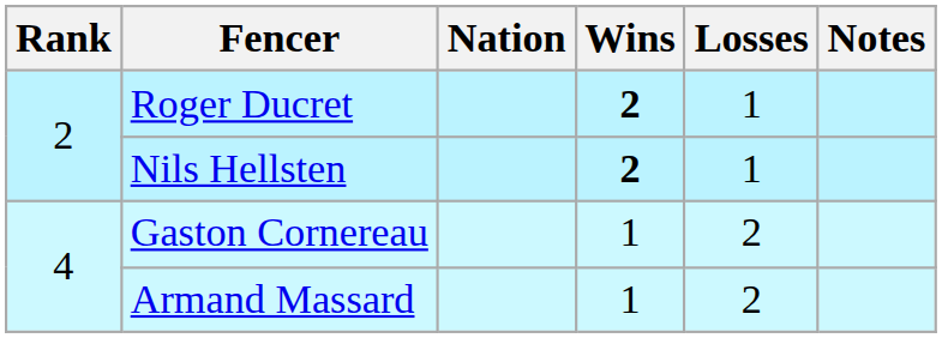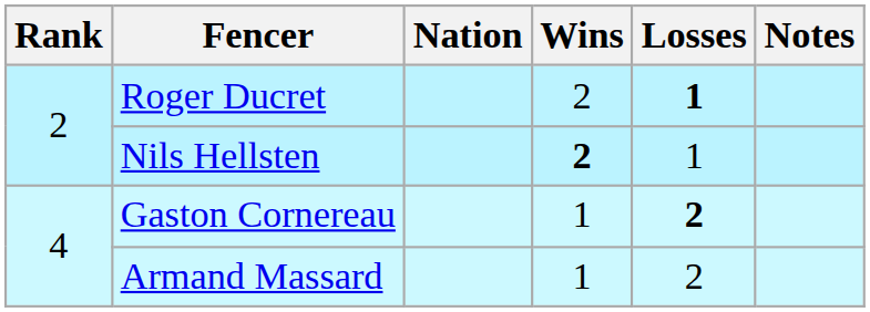 <table class="wikitable sortable" style="text-align: center;">
 <tr>
 <th>Rank</th>
 <th>Fencer</th>
 <th>Nation</th>
 <th>Wins</th>
 <th>Losses</th>
 <th>Notes</th>
 </tr>
 <tr bgcolor=bbf3ff>
 <td rowspan=2>2</td>
 <td align=left><a href='#'>Roger Ducret</a></td>
 <td align=left></td>
-<td><strong>2</strong></td>
-<td>1</td>
+<td>2</td>
+<td><strong>1</strong></td>
 <td></td>
 </tr>
 <tr bgcolor=bbf3ff>
 <td align=left><a href='#'>Nils Hellsten</a></td>
 <td align=left></td>
 <td><strong>2</strong></td>
 <td>1</td>
 <td></td>
 </tr>
 <tr bgcolor=ccf9ff>
 <td rowspan=2>4</td>
 <td align=left><a href='#'>Gaston Cornereau</a></td>
 <td align=left></td>
 <td>1</td>
-<td>2</td>
+<td><strong>2</strong></td>
 <td></td>
 </tr>
 <tr bgcolor=ccf9ff>
 <td align=left><a href='#'>Armand Massard</a></td>
 <td align=left></td>
 <td>1</td>
 <td>2</td>
 <td></td>
 </tr>
 </table>
